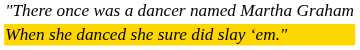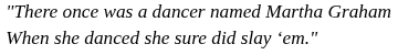 <table>
 <tr>
 <td><em>"There once was a dancer named Martha Graham</em></td>
 </tr>
 <tr>
-<td style="background: gold;"><em>When she danced she sure did slay ‘em."</em></td>
+<td><em>When she danced she sure did slay ‘em."</em></td>
 </tr>
 </table>
